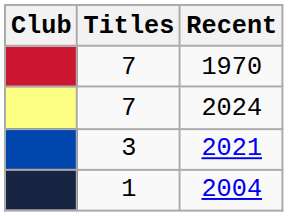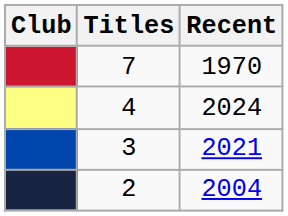 <table class="wikitable" style="text-align:center; width=60%;">
 <tr>
 <th>Club</th>
 <th>Titles</th>
 <th>Recent</th>
 </tr>
 <tr>
 <td style=background-color:#CD1731;color:#FFFFFF><strong><a href='#'></a></strong></td>
 <td>7</td>
 <td>1970</td>
 </tr>
 <tr>
 <td style=background-color:#FCFF84;color:#AD9759><strong><a href='#'></a></strong></td>
-<td>7</td>
+<td>4</td>
 <td>2024</td>
 </tr>
 <tr>
 <td style=background-color:#0046AD;color:#DF0101><strong><a href='#'></a></strong></td>
 <td>3</td>
 <td><a href='#'>2021</a></td>
 </tr>
 <tr>
 <td style=background-color:#172442;color:Goldenrod><strong><a href='#'></a></strong></td>
-<td>1</td>
+<td>2</td>
 <td><a href='#'>2004</a></td>
 </tr>
 </table>
